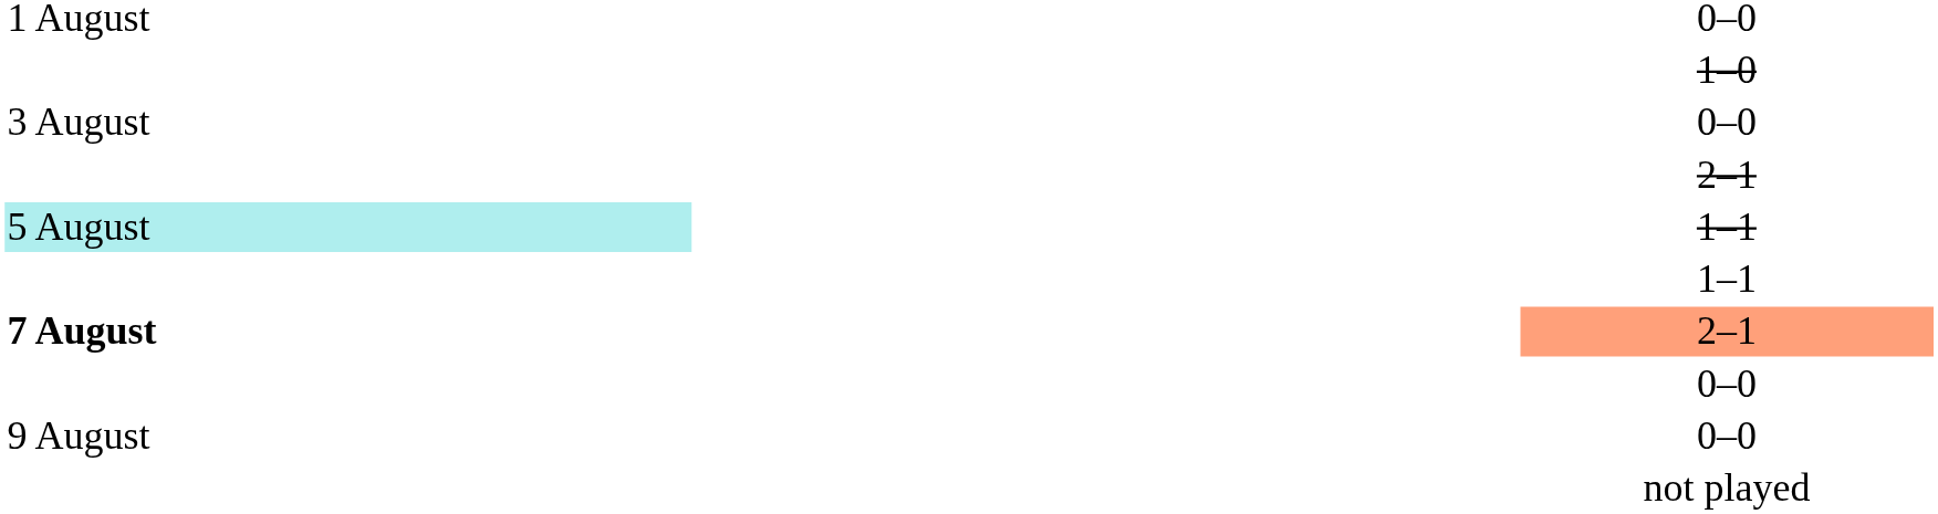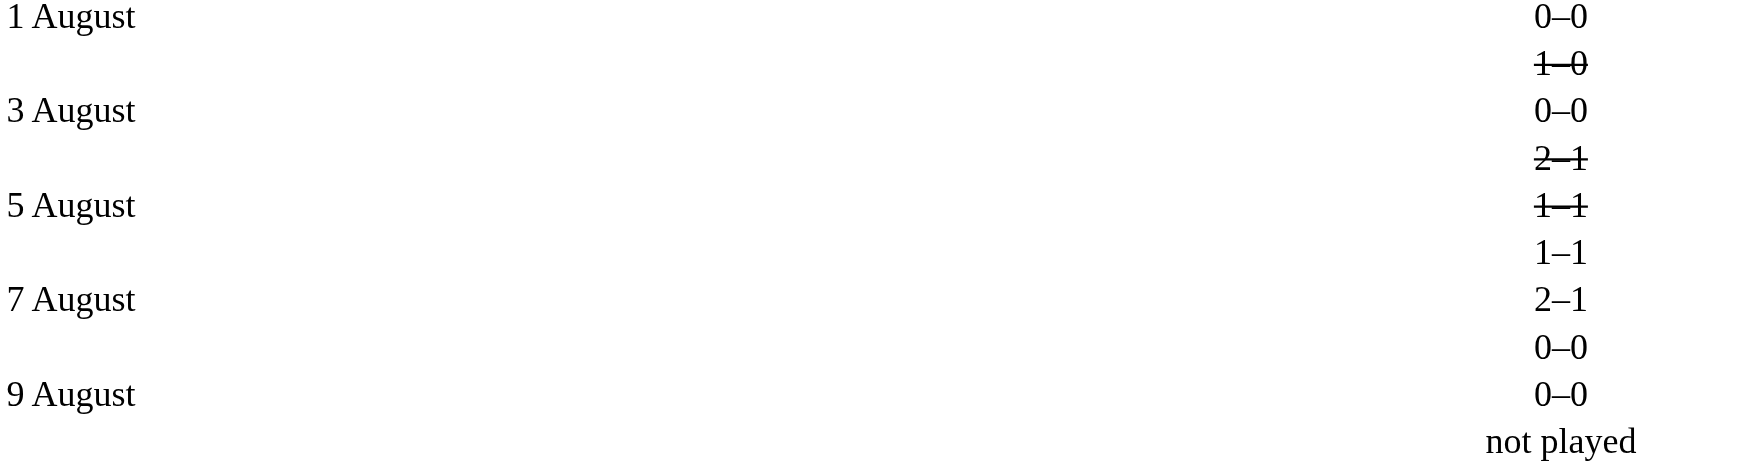 <table cellspacing=1 width=70%>
 <tr>
 <th width=25%></th>
 <th width=30%></th>
 <th width=15%></th>
 <th width=30%></th>
 </tr>
 <tr>
 <td>1 August</td>
 <td align=right></td>
 <td align=center>0–0</td>
 <td></td>
 </tr>
 <tr>
 <td></td>
 <td align=right></td>
 <td align=center><s>1–0</s></td>
 <td></td>
 </tr>
 <tr>
 <td>3 August</td>
 <td align=right></td>
 <td align=center>0–0</td>
 <td></td>
 </tr>
 <tr>
 <td></td>
 <td align=right></td>
 <td align=center><s>2–1</s></td>
 <td></td>
 </tr>
 <tr>
-<td style="background: paleturquoise;">5 August</td>
+<td>5 August</td>
 <td align=right></td>
 <td align=center><s>1–1</s></td>
 <td></td>
 </tr>
 <tr>
 <td></td>
 <td align=right></td>
 <td align=center>1–1</td>
 <td></td>
 </tr>
 <tr>
-<td><strong>7 August</strong></td>
+<td>7 August</td>
 <td align=right></td>
-<td align=center style="background: lightsalmon;">2–1</td>
+<td align=center>2–1</td>
 <td></td>
 </tr>
 <tr>
 <td></td>
 <td align=right></td>
 <td align=center>0–0</td>
 <td></td>
 </tr>
 <tr>
 <td>9 August</td>
 <td align=right></td>
 <td align=center>0–0</td>
 <td></td>
 </tr>
 <tr>
 <td></td>
 <td align=right></td>
 <td align=center>not played</td>
 <td></td>
 </tr>
 </table>
